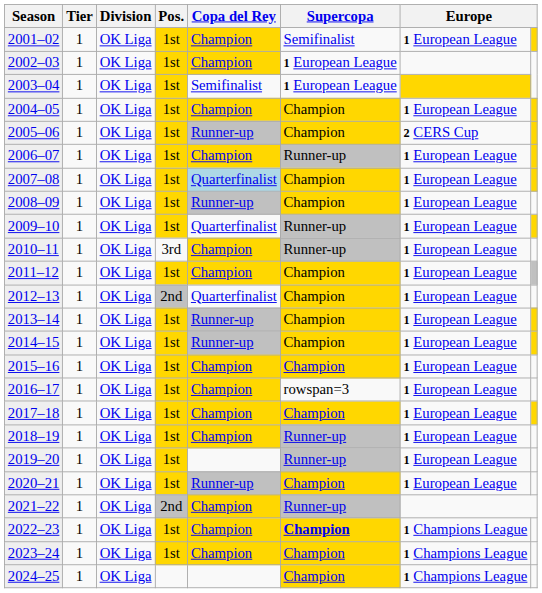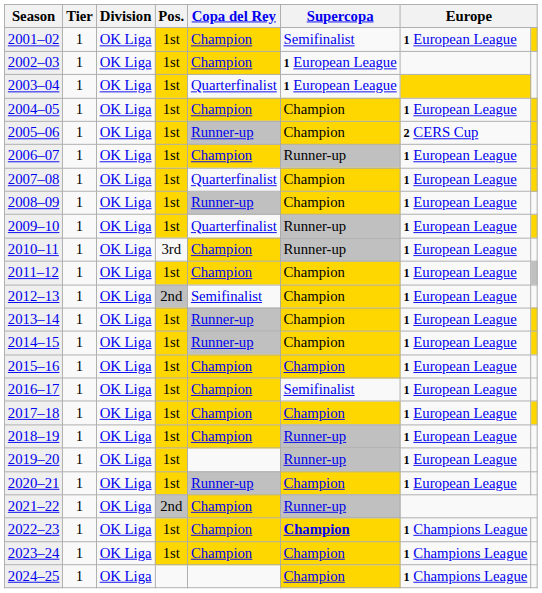 <table class="wikitable">
 <tr>
 <th>Season</th>
 <th>Tier</th>
 <th>Division</th>
 <th>Pos.</th>
 <th><a href='#'>Copa del Rey</a></th>
 <th><a href='#'>Supercopa</a></th>
 <th colspan=2>Europe</th>
 </tr>
 <tr>
 <td style="background:#efefef;"><a href='#'>2001–02</a></td>
 <td align="center">1</td>
 <td><a href='#'>OK Liga</a></td>
 <td align="center" bgcolor=gold>1st</td>
 <td bgcolor=gold><a href='#'>Champion</a></td>
 <td><a href='#'>Semifinalist</a></td>
 <td><small><strong>1</strong></small> <a href='#'>European League</a></td>
 <td bgcolor=gold align=center></td>
 </tr>
 <tr>
 <td style="background:#efefef;"><a href='#'>2002–03</a></td>
 <td align="center">1</td>
 <td><a href='#'>OK Liga</a></td>
 <td align="center" bgcolor=gold>1st</td>
 <td bgcolor=gold><a href='#'>Champion</a></td>
 <td><small><strong>1</strong></small> <a href='#'>European League</a></td>
 <td align=center></td>
 </tr>
 <tr>
 <td style="background:#efefef;"><a href='#'>2003–04</a></td>
 <td align="center">1</td>
 <td><a href='#'>OK Liga</a></td>
 <td align="center" bgcolor=gold>1st</td>
-<td><a href='#'>Semifinalist</a></td>
+<td><a href='#'>Quarterfinalist</a></td>
 <td><small><strong>1</strong></small> <a href='#'>European League</a></td>
 <td bgcolor=gold align=center></td>
 </tr>
 <tr>
 <td style="background:#efefef;"><a href='#'>2004–05</a></td>
 <td align="center">1</td>
 <td><a href='#'>OK Liga</a></td>
 <td align="center" bgcolor=gold>1st</td>
 <td bgcolor=gold><a href='#'>Champion</a></td>
 <td bgcolor=gold>Champion</td>
 <td><small><strong>1</strong></small> <a href='#'>European League</a></td>
 <td align=center bgcolor=gold></td>
 </tr>
 <tr>
 <td style="background:#efefef;"><a href='#'>2005–06</a></td>
 <td align="center">1</td>
 <td><a href='#'>OK Liga</a></td>
 <td align="center" bgcolor=gold>1st</td>
 <td bgcolor=silver><a href='#'>Runner-up</a></td>
 <td bgcolor=gold>Champion</td>
 <td><small><strong>2</strong></small> <a href='#'>CERS Cup</a></td>
 <td bgcolor=gold align=center></td>
 </tr>
 <tr>
 <td style="background:#efefef;"><a href='#'>2006–07</a></td>
 <td align="center">1</td>
 <td><a href='#'>OK Liga</a></td>
 <td align="center" bgcolor=gold>1st</td>
 <td bgcolor=gold><a href='#'>Champion</a></td>
 <td bgcolor=silver>Runner-up</td>
 <td><small><strong>1</strong></small> <a href='#'>European League</a></td>
 <td bgcolor=gold align=center></td>
 </tr>
 <tr>
 <td style="background:#efefef;"><a href='#'>2007–08</a></td>
 <td align="center">1</td>
 <td><a href='#'>OK Liga</a></td>
 <td align="center" bgcolor=gold>1st</td>
-<td style="background: lightblue;"><a href='#'>Quarterfinalist</a></td>
+<td><a href='#'>Quarterfinalist</a></td>
 <td bgcolor=gold>Champion</td>
 <td><small><strong>1</strong></small> <a href='#'>European League</a></td>
 <td bgcolor=gold align=center></td>
 </tr>
 <tr>
 <td style="background:#efefef;"><a href='#'>2008–09</a></td>
 <td align="center">1</td>
 <td><a href='#'>OK Liga</a></td>
 <td align="center" bgcolor=gold>1st</td>
 <td bgcolor=silver><a href='#'>Runner-up</a></td>
 <td bgcolor=gold>Champion</td>
 <td><small><strong>1</strong></small> <a href='#'>European League</a></td>
 <td align=center></td>
 </tr>
 <tr>
 <td style="background:#efefef;"><a href='#'>2009–10</a></td>
 <td align="center">1</td>
 <td><a href='#'>OK Liga</a></td>
 <td align="center" bgcolor=gold>1st</td>
 <td><a href='#'>Quarterfinalist</a></td>
 <td bgcolor=silver>Runner-up</td>
 <td><small><strong>1</strong></small> <a href='#'>European League</a></td>
 <td bgcolor=gold align=center></td>
 </tr>
 <tr>
 <td style="background:#efefef;"><a href='#'>2010–11</a></td>
 <td align="center">1</td>
 <td><a href='#'>OK Liga</a></td>
 <td align="center">3rd</td>
 <td bgcolor=gold><a href='#'>Champion</a></td>
 <td bgcolor=silver>Runner-up</td>
 <td><small><strong>1</strong></small> <a href='#'>European League</a></td>
 <td align=center></td>
 </tr>
 <tr>
 <td style="background:#efefef;"><a href='#'>2011–12</a></td>
 <td align="center">1</td>
 <td><a href='#'>OK Liga</a></td>
 <td align="center" bgcolor=gold>1st</td>
 <td bgcolor=gold><a href='#'>Champion</a></td>
 <td bgcolor=gold>Champion</td>
 <td><small><strong>1</strong></small> <a href='#'>European League</a></td>
 <td bgcolor=silver align=center></td>
 </tr>
 <tr>
 <td style="background:#efefef;"><a href='#'>2012–13</a></td>
 <td align="center">1</td>
 <td><a href='#'>OK Liga</a></td>
 <td align="center" bgcolor=silver>2nd</td>
-<td><a href='#'>Quarterfinalist</a></td>
+<td><a href='#'>Semifinalist</a></td>
 <td bgcolor=gold>Champion</td>
 <td><small><strong>1</strong></small> <a href='#'>European League</a></td>
 <td align=center></td>
 </tr>
 <tr>
 <td style="background:#efefef;"><a href='#'>2013–14</a></td>
 <td align="center">1</td>
 <td><a href='#'>OK Liga</a></td>
 <td align="center" bgcolor=gold>1st</td>
 <td bgcolor=silver><a href='#'>Runner-up</a></td>
 <td bgcolor=gold>Champion</td>
 <td><small><strong>1</strong></small> <a href='#'>European League</a></td>
 <td bgcolor=gold align=center></td>
 </tr>
 <tr>
 <td style="background:#efefef;"><a href='#'>2014–15</a></td>
 <td align="center">1</td>
 <td><a href='#'>OK Liga</a></td>
 <td align="center" bgcolor=gold>1st</td>
 <td bgcolor=silver><a href='#'>Runner-up</a></td>
 <td bgcolor=gold>Champion</td>
 <td><small><strong>1</strong></small> <a href='#'>European League</a></td>
 <td bgcolor=gold align=center></td>
 </tr>
 <tr>
 <td style="background:#efefef;"><a href='#'>2015–16</a></td>
 <td align="center">1</td>
 <td><a href='#'>OK Liga</a></td>
 <td bgcolor=gold align=center>1st</td>
 <td bgcolor=gold><a href='#'>Champion</a></td>
 <td bgcolor=gold><a href='#'>Champion</a></td>
 <td><small><strong>1</strong></small> <a href='#'>European League</a></td>
 <td align=center></td>
 </tr>
 <tr>
 <td style="background:#efefef;"><a href='#'>2016–17</a></td>
 <td align="center">1</td>
 <td><a href='#'>OK Liga</a></td>
 <td bgcolor=gold align=center>1st</td>
 <td bgcolor=gold><a href='#'>Champion</a></td>
-<td>rowspan=3 </td>
+<td><a href='#'>Semifinalist</a></td>
 <td><small><strong>1</strong></small> <a href='#'>European League</a></td>
 <td align=center></td>
 </tr>
 <tr>
 <td style="background:#efefef;"><a href='#'>2017–18</a></td>
 <td align="center">1</td>
 <td><a href='#'>OK Liga</a></td>
 <td bgcolor=gold align=center>1st</td>
 <td bgcolor=gold><a href='#'>Champion</a></td>
 <td bgcolor=gold><a href='#'>Champion</a></td>
 <td><small><strong>1</strong></small> <a href='#'>European League</a></td>
 <td bgcolor=gold align=center></td>
 </tr>
 <tr>
 <td style="background:#efefef;"><a href='#'>2018–19</a></td>
 <td align="center">1</td>
 <td><a href='#'>OK Liga</a></td>
 <td align=center bgcolor=gold>1st</td>
 <td bgcolor=gold><a href='#'>Champion</a></td>
 <td bgcolor=silver><a href='#'>Runner-up</a></td>
 <td><small><strong>1</strong></small> <a href='#'>European League</a></td>
 <td align=center></td>
 </tr>
 <tr>
 <td style="background:#efefef;"><a href='#'>2019–20</a></td>
 <td align="center">1</td>
 <td><a href='#'>OK Liga</a></td>
 <td align=center bgcolor=gold>1st</td>
 <td></td>
 <td bgcolor=silver><a href='#'>Runner-up</a></td>
 <td><small><strong>1</strong></small> <a href='#'>European League</a></td>
 <td align=center></td>
 </tr>
 <tr>
 <td style="background:#efefef;"><a href='#'>2020–21</a></td>
 <td align="center">1</td>
 <td><a href='#'>OK Liga</a></td>
 <td align=center bgcolor=gold>1st</td>
 <td bgcolor=silver><a href='#'>Runner-up</a></td>
 <td bgcolor=gold><a href='#'>Champion</a></td>
 <td><small><strong>1</strong></small> <a href='#'>European League</a></td>
 <td align=center></td>
 </tr>
 <tr>
 <td style="background:#efefef;"><a href='#'>2021–22</a></td>
 <td align="center">1</td>
 <td><a href='#'>OK Liga</a></td>
 <td align=center bgcolor=silver>2nd</td>
 <td bgcolor=gold><a href='#'>Champion</a></td>
 <td bgcolor=silver><a href='#'>Runner-up</a></td>
 <td colspan=2></td>
 </tr>
 <tr>
 <td style="background:#efefef;"><a href='#'>2022–23</a></td>
 <td align="center">1</td>
 <td><a href='#'>OK Liga</a></td>
 <td align=center bgcolor=gold>1st</td>
 <td bgcolor=gold><a href='#'>Champion</a></td>
 <td bgcolor=gold><strong><a href='#'>Champion</a></strong></td>
 <td><small><strong>1</strong></small> <a href='#'>Champions League</a></td>
 <td align=center></td>
 </tr>
 <tr>
 <td style="background:#efefef;"><a href='#'>2023–24</a></td>
 <td align="center">1</td>
 <td><a href='#'>OK Liga</a></td>
 <td align=center bgcolor=gold>1st</td>
 <td bgcolor=gold><a href='#'>Champion</a></td>
 <td bgcolor=gold><a href='#'>Champion</a></td>
 <td><small><strong>1</strong></small> <a href='#'>Champions League</a></td>
 <td align=center></td>
 </tr>
 <tr>
 <td style="background:#efefef;"><a href='#'>2024–25</a></td>
 <td align="center">1</td>
 <td><a href='#'>OK Liga</a></td>
 <td align=center></td>
 <td></td>
 <td bgcolor=gold><a href='#'>Champion</a></td>
 <td><small><strong>1</strong></small> <a href='#'>Champions League</a></td>
 <td align=center></td>
 </tr>
 </table>
